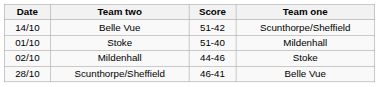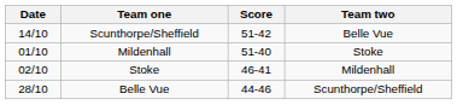 <table class="wikitable" style="text-align: center">
 <tr>
 <th width=80>Date</th>
+<th width=250>Team one</th>
+<th width=80>Score</th>
 <th width=250>Team two</th>
-<th width=80>Score</th>
-<th width=250>Team one</th>
 </tr>
 <tr>
 <td>14/10</td>
+<td>Scunthorpe/Sheffield</td>
+<td>51-42</td>
 <td>Belle Vue</td>
-<td>51-42</td>
-<td>Scunthorpe/Sheffield</td>
 </tr>
 <tr>
 <td>01/10</td>
+<td>Mildenhall</td>
+<td>51-40</td>
 <td>Stoke</td>
-<td>51-40</td>
+</tr>
+<tr>
+<td>02/10</td>
+<td>Stoke</td>
+<td>46-41</td>
 <td>Mildenhall</td>
 </tr>
 <tr>
-<td>02/10</td>
-<td>Mildenhall</td>
+<td>28/10</td>
+<td>Belle Vue</td>
 <td>44-46</td>
-<td>Stoke</td>
-</tr>
-<tr>
-<td>28/10</td>
 <td>Scunthorpe/Sheffield</td>
-<td>46-41</td>
-<td>Belle Vue</td>
 </tr>
 </table>
